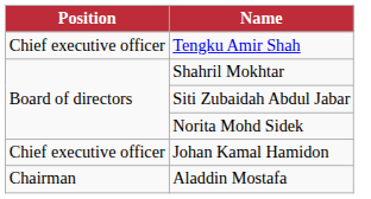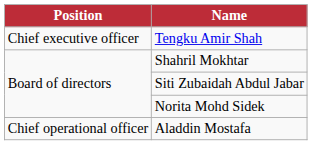 <table class="wikitable">
 <tr>
 <th style="background:#bd2c38; color:white;">Position</th>
 <th style="background:#bd2c38; color:white;">Name</th>
 </tr>
 <tr>
 <td>Chief executive officer</td>
 <td> <a href='#'>Tengku Amir Shah</a></td>
 </tr>
 <tr>
 <td rowspan="3">Board of directors</td>
 <td> Shahril Mokhtar</td>
 </tr>
 <tr>
 <td> Siti Zubaidah Abdul Jabar</td>
 </tr>
 <tr>
 <td> Norita Mohd Sidek</td>
 </tr>
 <tr>
-<td>Chief executive officer</td>
-<td> Johan Kamal Hamidon</td>
-</tr>
-<tr>
-<td>Chairman</td>
+<td>Chief operational officer</td>
 <td> Aladdin Mostafa</td>
 </tr>
 </table>
